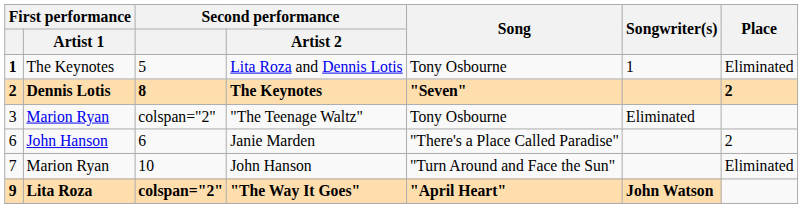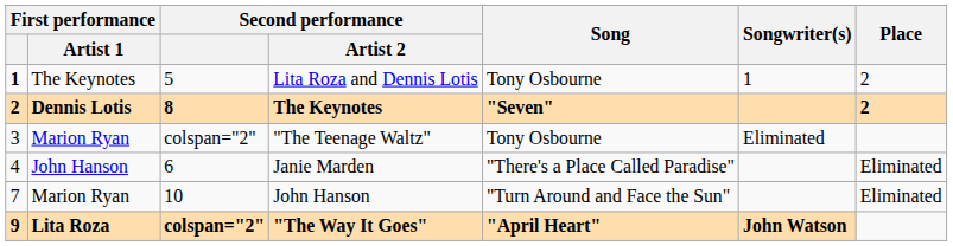 <table class="sortable wikitable" style="margin: 1em auto 1em auto; text-align:left">
 <tr>
 <th colspan="2">First performance</th>
 <th colspan="2">Second performance</th>
 <th rowspan="2">Song</th>
 <th rowspan="2">Songwriter(s)</th>
 <th rowspan="2">Place</th>
 </tr>
 <tr>
 <th></th>
 <th>Artist 1</th>
 <th></th>
 <th>Artist 2</th>
 </tr>
 <tr>
 <td><strong>1</strong></td>
 <td>The Keynotes</td>
 <td>5</td>
 <td><a href='#'>Lita Roza</a> and <a href='#'>Dennis Lotis</a></td>
 <td>Tony Osbourne</td>
 <td>1</td>
-<td>Eliminated</td>
+<td>2</td>
 </tr>
 <tr style="font-weight:bold; background:navajowhite">
 <td>2</td>
 <td style="text-align:left;">Dennis Lotis</td>
 <td>8</td>
 <td>The Keynotes</td>
 <td>"Seven"</td>
 <td></td>
 <td>2</td>
 </tr>
 <tr>
 <td>3</td>
 <td><a href='#'>Marion Ryan</a></td>
 <td>colspan="2" </td>
 <td>"The Teenage Waltz"</td>
 <td>Tony Osbourne</td>
 <td>Eliminated</td>
 </tr>
 <tr>
-<td>6</td>
+<td>4</td>
 <td><a href='#'>John Hanson</a></td>
 <td>6</td>
 <td>Janie Marden</td>
 <td>"There's a Place Called Paradise"</td>
 <td></td>
-<td>2</td>
+<td>Eliminated</td>
 </tr>
 <tr>
 <td>7</td>
 <td>Marion Ryan</td>
 <td>10</td>
 <td>John Hanson</td>
 <td>"Turn Around and Face the Sun"</td>
 <td></td>
 <td>Eliminated</td>
 </tr>
 <tr style="font-weight:bold; background:navajowhite">
 <td>9</td>
 <td>Lita Roza</td>
 <td>colspan="2" </td>
 <td>"The Way It Goes"</td>
 <td>"April Heart"</td>
 <td>John Watson</td>
 </tr>
 </table>
